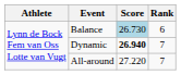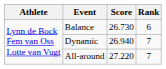 <table class="wikitable" style="text-align:center; font-size:90%">
 <tr>
 <th>Athlete</th>
 <th>Event</th>
 <th>Score</th>
 <th>Rank</th>
 </tr>
 <tr>
 <td rowspan=3 align=left><a href='#'>Lynn de Bock</a><br><a href='#'>Fem van Oss</a><br><a href='#'>Lotte van Vugt</a></td>
 <td align=left>Balance</td>
-<td style="background: lightblue;">26.730</td>
+<td>26.730</td>
 <td>6</td>
 </tr>
 <tr>
 <td align=left>Dynamic</td>
-<td><strong>26.940</strong></td>
+<td>26.940</td>
 <td>7</td>
 </tr>
 <tr>
 <td align=left>All-around</td>
 <td>27.220</td>
 <td>7</td>
 </tr>
 </table>
